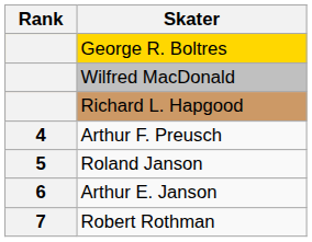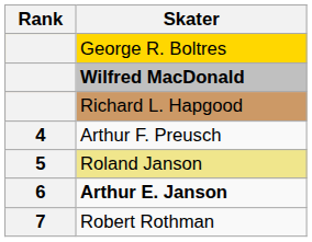 <table class="wikitable unsortable" style="text-align:left; width:30%">
 <tr>
 <th scope="col">Rank</th>
 <th scope="col">Skater</th>
 </tr>
 <tr bgcolor="gold">
 <th scope="row"></th>
 <td>George R. Boltres</td>
 </tr>
 <tr bgcolor="silver">
 <th scope="row"></th>
-<td>Wilfred MacDonald</td>
+<td><strong>Wilfred MacDonald</strong></td>
 </tr>
 <tr bgcolor="cc9966">
 <th scope="row"></th>
 <td>Richard L. Hapgood</td>
 </tr>
 <tr>
 <th scope="row">4</th>
 <td>Arthur F. Preusch</td>
 </tr>
 <tr>
 <th scope="row">5</th>
-<td>Roland Janson</td>
+<td style="background: khaki;">Roland Janson</td>
 </tr>
 <tr>
 <th scope="row">6</th>
-<td>Arthur E. Janson</td>
+<td><strong>Arthur E. Janson</strong></td>
 </tr>
 <tr>
 <th scope="row">7</th>
 <td>Robert Rothman</td>
 </tr>
 </table>
